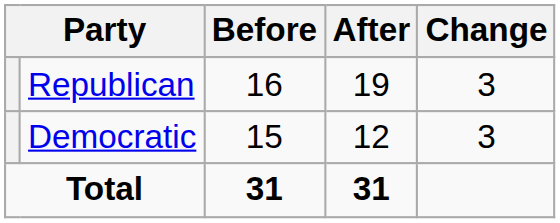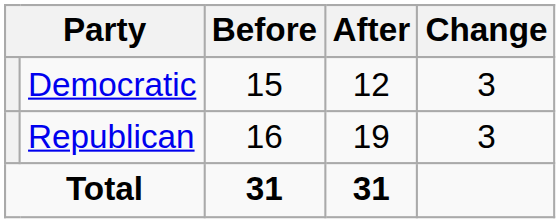 <table class="wikitable" style="text-align:center;">
 <tr>
 <th colspan="2">Party</th>
 <th>Before</th>
 <th>After</th>
 <th>Change</th>
 </tr>
 <tr>
 <th style="background-color:"></th>
-<td style="text-align:left;"><a href='#'>Republican</a></td>
-<td>16</td>
-<td>19</td>
+<td style="text-align:left;"><a href='#'>Democratic</a></td>
+<td>15</td>
+<td>12</td>
 <td> 3</td>
 </tr>
 <tr>
 <th style="background-color:"></th>
-<td style="text-align:left;"><a href='#'>Democratic</a></td>
-<td>15</td>
-<td>12</td>
+<td style="text-align:left;"><a href='#'>Republican</a></td>
+<td>16</td>
+<td>19</td>
 <td> 3</td>
 </tr>
 <tr>
 <td colspan="2"><strong>Total</strong></td>
 <td><strong>31</strong></td>
 <td><strong>31</strong></td>
 <td></td>
 </tr>
 </table>
